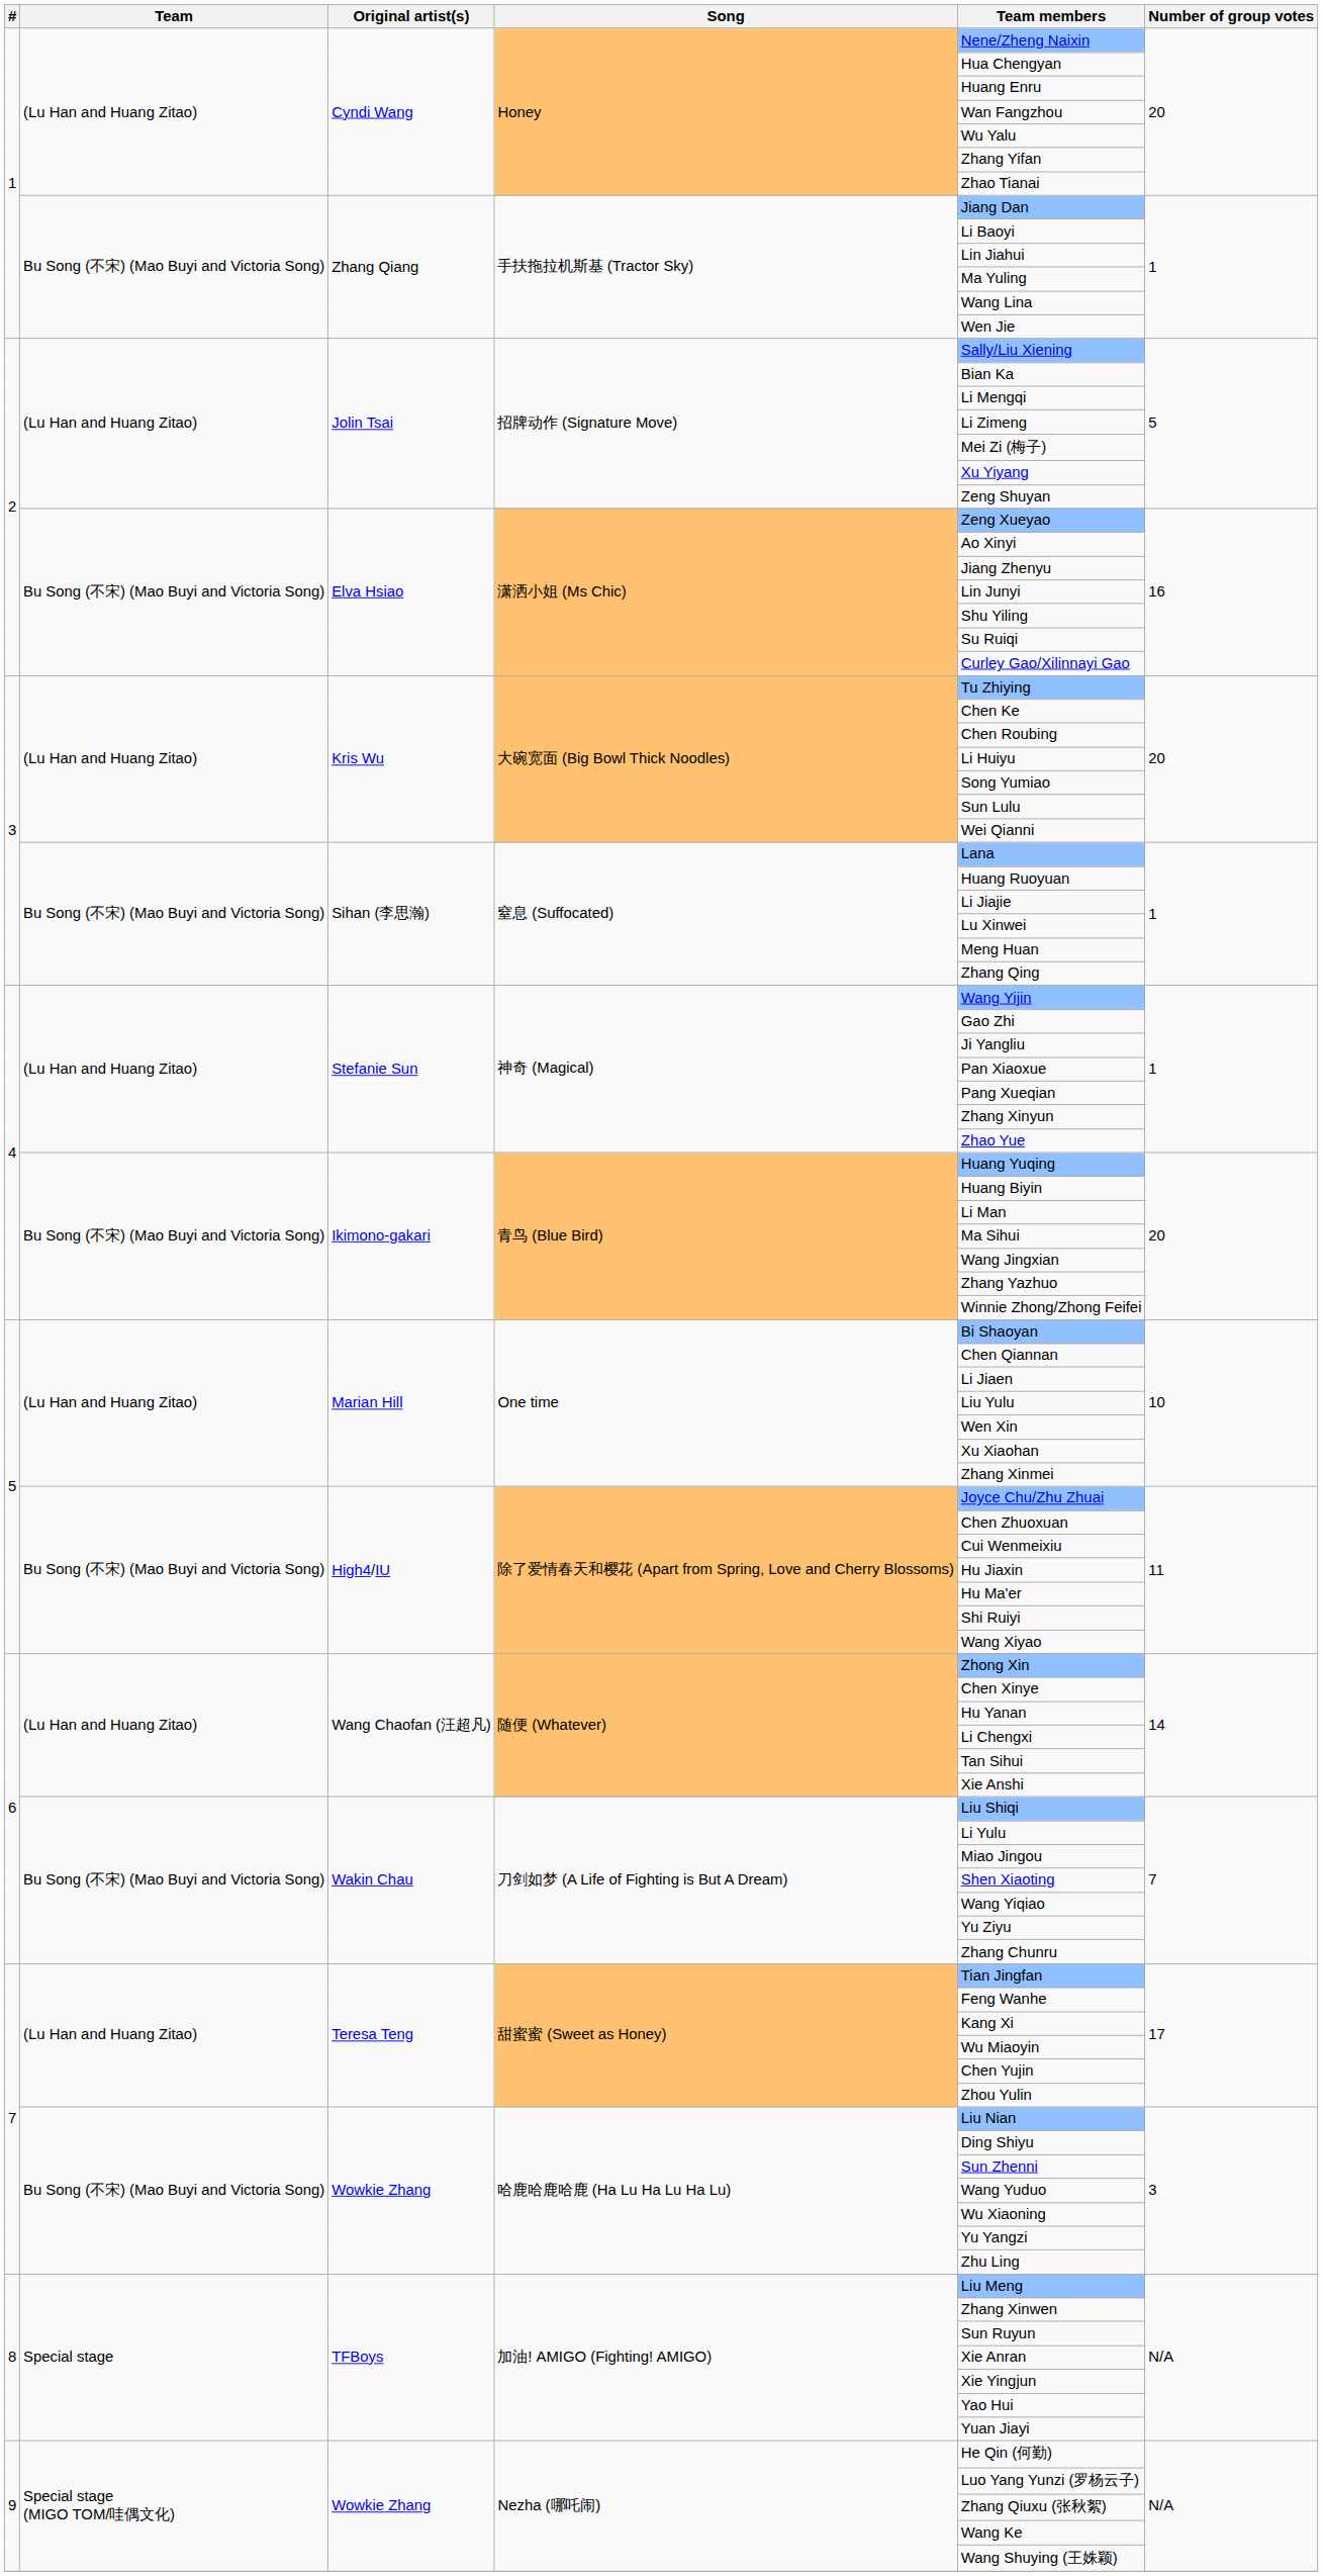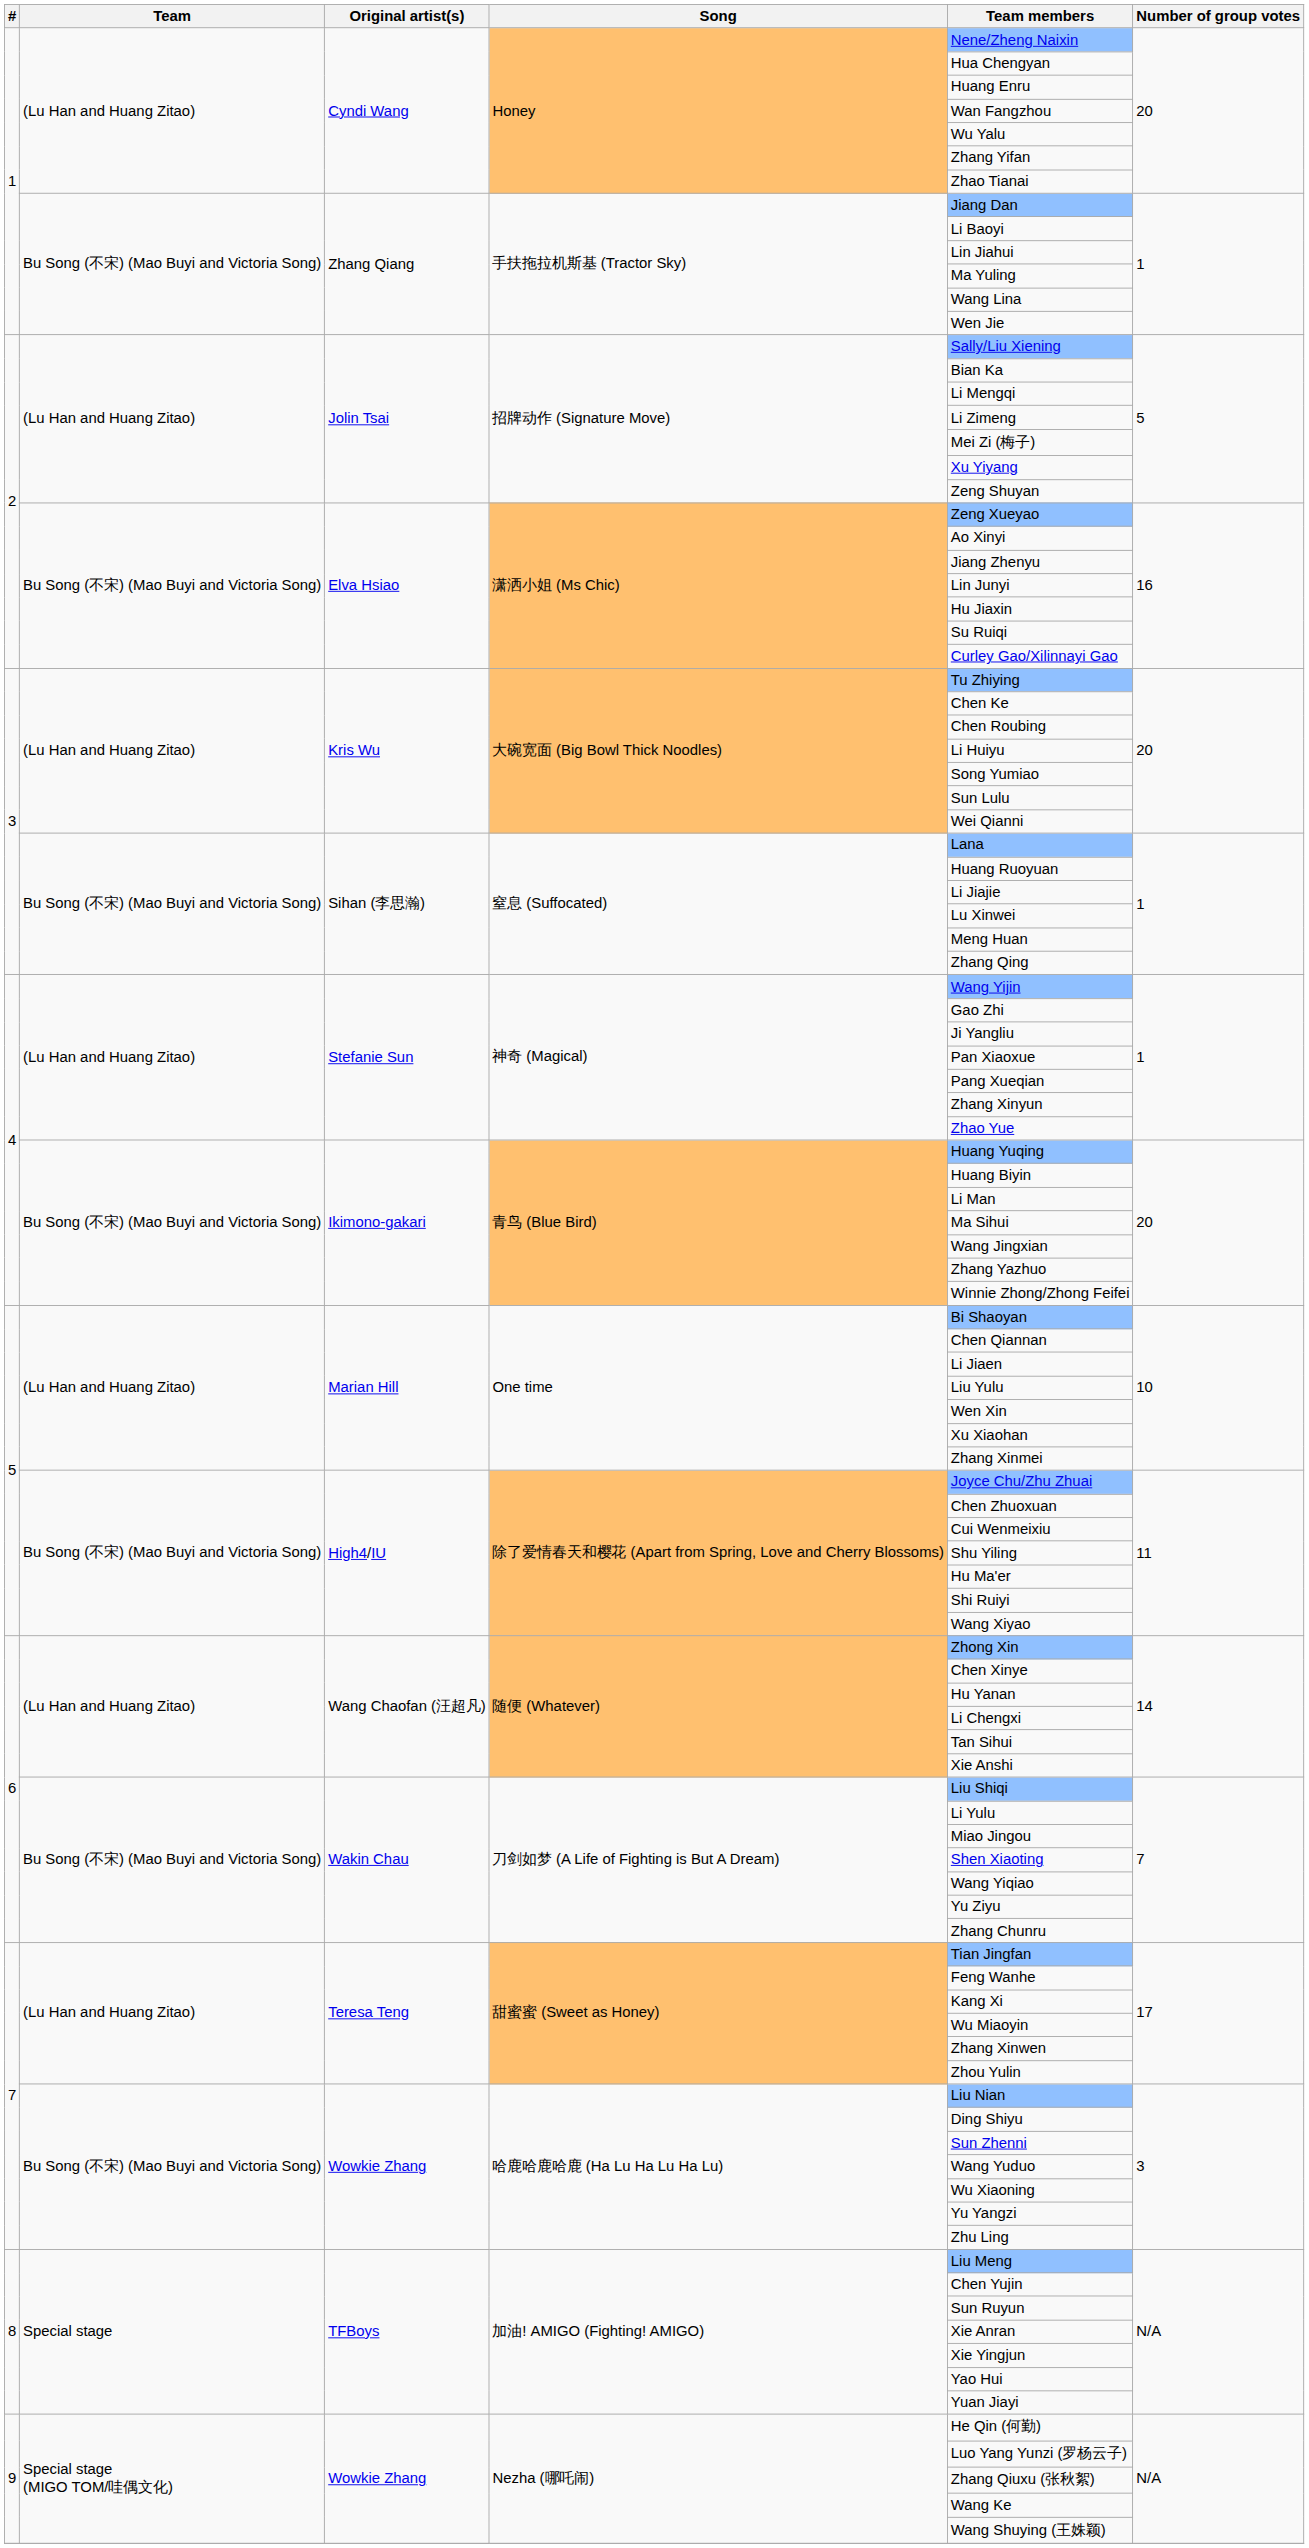 <table class="wikitable sortable">
 <tr>
 <th>#</th>
 <th>Team</th>
 <th>Original artist(s)</th>
 <th>Song</th>
 <th>Team members</th>
 <th>Number of group votes </th>
 </tr>
 <tr>
 <td rowspan="13">1</td>
 <td rowspan="7"> (Lu Han and Huang Zitao)</td>
 <td rowspan="7"><a href='#'>Cyndi Wang</a></td>
 <td rowspan="7" style="background:#FFC06F">Honey</td>
 <td style="background:#90C0FF"><a href='#'>Nene/Zheng Naixin</a></td>
 <td rowspan="7">20</td>
 </tr>
 <tr>
 <td>Hua Chengyan</td>
 </tr>
 <tr>
 <td>Huang Enru</td>
 </tr>
 <tr>
 <td>Wan Fangzhou</td>
 </tr>
 <tr>
 <td>Wu Yalu</td>
 </tr>
 <tr>
 <td>Zhang Yifan</td>
 </tr>
 <tr>
 <td>Zhao Tianai</td>
 </tr>
 <tr>
 <td rowspan="6">Bu Song (不宋) (Mao Buyi and Victoria Song)</td>
 <td rowspan="6">Zhang Qiang</td>
 <td rowspan="6">手扶拖拉机斯基 (Tractor Sky)</td>
 <td style="background:#90C0FF">Jiang Dan</td>
 <td rowspan="6">1</td>
 </tr>
 <tr>
 <td>Li Baoyi</td>
 </tr>
 <tr>
 <td>Lin Jiahui</td>
 </tr>
 <tr>
 <td>Ma Yuling</td>
 </tr>
 <tr>
 <td>Wang Lina</td>
 </tr>
 <tr>
 <td>Wen Jie</td>
 </tr>
 <tr>
 <td rowspan="14">2</td>
 <td rowspan="7"> (Lu Han and Huang Zitao)</td>
 <td rowspan="7"><a href='#'>Jolin Tsai</a></td>
 <td rowspan="7">招牌动作  (Signature Move)</td>
 <td style="background:#90C0FF"><a href='#'>Sally/Liu Xiening</a></td>
 <td rowspan="7">5</td>
 </tr>
 <tr>
 <td>Bian Ka</td>
 </tr>
 <tr>
 <td>Li Mengqi</td>
 </tr>
 <tr>
 <td>Li Zimeng</td>
 </tr>
 <tr>
 <td>Mei Zi (梅子)</td>
 </tr>
 <tr>
 <td><a href='#'>Xu Yiyang</a></td>
 </tr>
 <tr>
 <td>Zeng Shuyan</td>
 </tr>
 <tr>
 <td rowspan="7">Bu Song (不宋) (Mao Buyi and Victoria Song)</td>
 <td rowspan="7"><a href='#'>Elva Hsiao</a></td>
 <td rowspan="7" style="background:#FFC06F">潇洒小姐 (Ms Chic)</td>
 <td style="background:#90C0FF">Zeng Xueyao</td>
 <td rowspan="7">16</td>
 </tr>
 <tr>
 <td>Ao Xinyi</td>
 </tr>
 <tr>
 <td>Jiang Zhenyu</td>
 </tr>
 <tr>
 <td>Lin Junyi</td>
 </tr>
 <tr>
-<td>Shu Yiling</td>
+<td>Hu Jiaxin</td>
 </tr>
 <tr>
 <td>Su Ruiqi</td>
 </tr>
 <tr>
 <td><a href='#'>Curley Gao/Xilinnayi Gao</a></td>
 </tr>
 <tr>
 <td rowspan="13">3</td>
 <td rowspan="7"> (Lu Han and Huang Zitao)</td>
 <td rowspan="7"><a href='#'>Kris Wu</a></td>
 <td rowspan="7" style="background:#FFC06F">大碗宽面 (Big Bowl Thick Noodles)</td>
 <td style="background:#90C0FF">Tu Zhiying</td>
 <td rowspan="7">20</td>
 </tr>
 <tr>
 <td>Chen Ke</td>
 </tr>
 <tr>
 <td>Chen Roubing</td>
 </tr>
 <tr>
 <td>Li Huiyu</td>
 </tr>
 <tr>
 <td>Song Yumiao</td>
 </tr>
 <tr>
 <td>Sun Lulu</td>
 </tr>
 <tr>
 <td>Wei Qianni</td>
 </tr>
 <tr>
 <td rowspan="6">Bu Song (不宋) (Mao Buyi and Victoria Song)</td>
 <td rowspan="6">Sihan (李思瀚)</td>
 <td rowspan="6">窒息 (Suffocated)</td>
 <td style="background:#90C0FF">Lana</td>
 <td rowspan="6">1</td>
 </tr>
 <tr>
 <td>Huang Ruoyuan</td>
 </tr>
 <tr>
 <td>Li Jiajie</td>
 </tr>
 <tr>
 <td>Lu Xinwei</td>
 </tr>
 <tr>
 <td>Meng Huan</td>
 </tr>
 <tr>
 <td>Zhang Qing</td>
 </tr>
 <tr>
 <td rowspan="14">4</td>
 <td rowspan="7"> (Lu Han and Huang Zitao)</td>
 <td rowspan="7"><a href='#'>Stefanie Sun</a></td>
 <td rowspan="7">神奇 (Magical)</td>
 <td style="background:#90C0FF"><a href='#'>Wang Yijin</a></td>
 <td rowspan="7">1</td>
 </tr>
 <tr>
 <td>Gao Zhi</td>
 </tr>
 <tr>
 <td>Ji Yangliu</td>
 </tr>
 <tr>
 <td>Pan Xiaoxue</td>
 </tr>
 <tr>
 <td>Pang Xueqian</td>
 </tr>
 <tr>
 <td>Zhang Xinyun</td>
 </tr>
 <tr>
 <td><a href='#'>Zhao Yue</a></td>
 </tr>
 <tr>
 <td rowspan="7">Bu Song (不宋) (Mao Buyi and Victoria Song)</td>
 <td rowspan="7"><a href='#'>Ikimono-gakari</a></td>
 <td rowspan="7"  style="background:#FFC06F">青鸟 (Blue Bird)</td>
 <td style="background:#90C0FF">Huang Yuqing</td>
 <td rowspan="7">20</td>
 </tr>
 <tr>
 <td>Huang Biyin</td>
 </tr>
 <tr>
 <td>Li Man</td>
 </tr>
 <tr>
 <td>Ma Sihui</td>
 </tr>
 <tr>
 <td>Wang Jingxian</td>
 </tr>
 <tr>
 <td>Zhang Yazhuo</td>
 </tr>
 <tr>
 <td>Winnie Zhong/Zhong Feifei</td>
 </tr>
 <tr>
 <td rowspan="14">5</td>
 <td rowspan="7"> (Lu Han and Huang Zitao)</td>
 <td rowspan="7"><a href='#'>Marian Hill</a></td>
 <td rowspan="7">One time</td>
 <td style="background:#90C0FF">Bi Shaoyan</td>
 <td rowspan="7">10</td>
 </tr>
 <tr>
 <td>Chen Qiannan</td>
 </tr>
 <tr>
 <td>Li Jiaen</td>
 </tr>
 <tr>
 <td>Liu Yulu</td>
 </tr>
 <tr>
 <td>Wen Xin</td>
 </tr>
 <tr>
 <td>Xu Xiaohan</td>
 </tr>
 <tr>
 <td>Zhang Xinmei</td>
 </tr>
 <tr>
 <td rowspan="7">Bu Song (不宋) (Mao Buyi and Victoria Song)</td>
 <td rowspan="7"><a href='#'>High4</a>/<a href='#'>IU</a></td>
 <td rowspan="7" style="background:#FFC06F">除了爱情春天和樱花 (Apart from Spring, Love and Cherry Blossoms)</td>
 <td style="background:#90C0FF"><a href='#'>Joyce Chu/Zhu Zhuai</a></td>
 <td rowspan="7">11</td>
 </tr>
 <tr>
 <td>Chen Zhuoxuan</td>
 </tr>
 <tr>
 <td>Cui Wenmeixiu</td>
 </tr>
 <tr>
-<td>Hu Jiaxin</td>
+<td>Shu Yiling</td>
 </tr>
 <tr>
 <td>Hu Ma'er</td>
 </tr>
 <tr>
 <td>Shi Ruiyi</td>
 </tr>
 <tr>
 <td>Wang Xiyao</td>
 </tr>
 <tr>
 <td rowspan="13">6</td>
 <td rowspan="6"> (Lu Han and Huang Zitao)</td>
 <td rowspan="6">Wang Chaofan (汪超凡)</td>
 <td rowspan="6" style="background:#FFC06F">随便 (Whatever)</td>
 <td style="background:#90C0FF">Zhong Xin</td>
 <td rowspan="6">14</td>
 </tr>
 <tr>
 <td>Chen Xinye</td>
 </tr>
 <tr>
 <td>Hu Yanan</td>
 </tr>
 <tr>
 <td>Li Chengxi</td>
 </tr>
 <tr>
 <td>Tan Sihui</td>
 </tr>
 <tr>
 <td>Xie Anshi</td>
 </tr>
 <tr>
 <td rowspan="7">Bu Song (不宋) (Mao Buyi and Victoria Song)</td>
 <td rowspan="7"><a href='#'>Wakin Chau</a></td>
 <td rowspan="7">刀剑如梦 (A Life of Fighting is But A Dream)</td>
 <td style="background:#90C0FF">Liu Shiqi</td>
 <td rowspan="7">7</td>
 </tr>
 <tr>
 <td>Li Yulu</td>
 </tr>
 <tr>
 <td>Miao Jingou</td>
 </tr>
 <tr>
 <td><a href='#'>Shen Xiaoting</a></td>
 </tr>
 <tr>
 <td>Wang Yiqiao</td>
 </tr>
 <tr>
 <td>Yu Ziyu</td>
 </tr>
 <tr>
 <td>Zhang Chunru</td>
 </tr>
 <tr>
 <td rowspan="13">7</td>
 <td rowspan="6"> (Lu Han and Huang Zitao)</td>
 <td rowspan="6"><a href='#'>Teresa Teng</a></td>
 <td rowspan="6" style="background:#FFC06F">甜蜜蜜 (Sweet as Honey)</td>
 <td style="background:#90C0FF">Tian Jingfan</td>
 <td rowspan="6">17</td>
 </tr>
 <tr>
 <td>Feng Wanhe</td>
 </tr>
 <tr>
 <td>Kang Xi</td>
 </tr>
 <tr>
 <td>Wu Miaoyin</td>
 </tr>
 <tr>
-<td>Chen Yujin</td>
+<td>Zhang Xinwen</td>
 </tr>
 <tr>
 <td>Zhou Yulin</td>
 </tr>
 <tr>
 <td rowspan="7">Bu Song (不宋) (Mao Buyi and Victoria Song)</td>
 <td rowspan="7"><a href='#'>Wowkie Zhang</a></td>
 <td rowspan="7">哈鹿哈鹿哈鹿 (Ha Lu Ha Lu Ha Lu)</td>
 <td style="background:#90C0FF">Liu Nian</td>
 <td rowspan="7">3</td>
 </tr>
 <tr>
 <td>Ding Shiyu</td>
 </tr>
 <tr>
 <td><a href='#'>Sun Zhenni</a></td>
 </tr>
 <tr>
 <td>Wang Yuduo</td>
 </tr>
 <tr>
 <td>Wu Xiaoning</td>
 </tr>
 <tr>
 <td>Yu Yangzi</td>
 </tr>
 <tr>
 <td>Zhu Ling</td>
 </tr>
 <tr>
 <td rowspan="7">8</td>
 <td rowspan="7">Special stage</td>
 <td rowspan="7"><a href='#'>TFBoys</a></td>
 <td rowspan="7">加油! AMIGO (Fighting! AMIGO)</td>
 <td style="background:#90C0FF">Liu Meng</td>
 <td rowspan="7">N/A</td>
 </tr>
 <tr>
-<td>Zhang Xinwen</td>
+<td>Chen Yujin</td>
 </tr>
 <tr>
 <td>Sun Ruyun</td>
 </tr>
 <tr>
 <td>Xie Anran</td>
 </tr>
 <tr>
 <td>Xie Yingjun</td>
 </tr>
 <tr>
 <td>Yao Hui</td>
 </tr>
 <tr>
 <td>Yuan Jiayi</td>
 </tr>
 <tr>
 <td rowspan="5">9</td>
 <td rowspan="5">Special stage<br>(MIGO TOM/哇偶文化)</td>
 <td rowspan="5"><a href='#'>Wowkie Zhang</a></td>
 <td rowspan="5">Nezha (哪吒闹)</td>
 <td>He Qin (何勤)</td>
 <td rowspan="5">N/A</td>
 </tr>
 <tr>
 <td>Luo Yang Yunzi (罗杨云子)</td>
 </tr>
 <tr>
 <td>Zhang Qiuxu (张秋絮)</td>
 </tr>
 <tr>
 <td>Wang Ke</td>
 </tr>
 <tr>
 <td>Wang Shuying (王姝颖)</td>
 </tr>
 <tr>
 </tr>
 </table>
